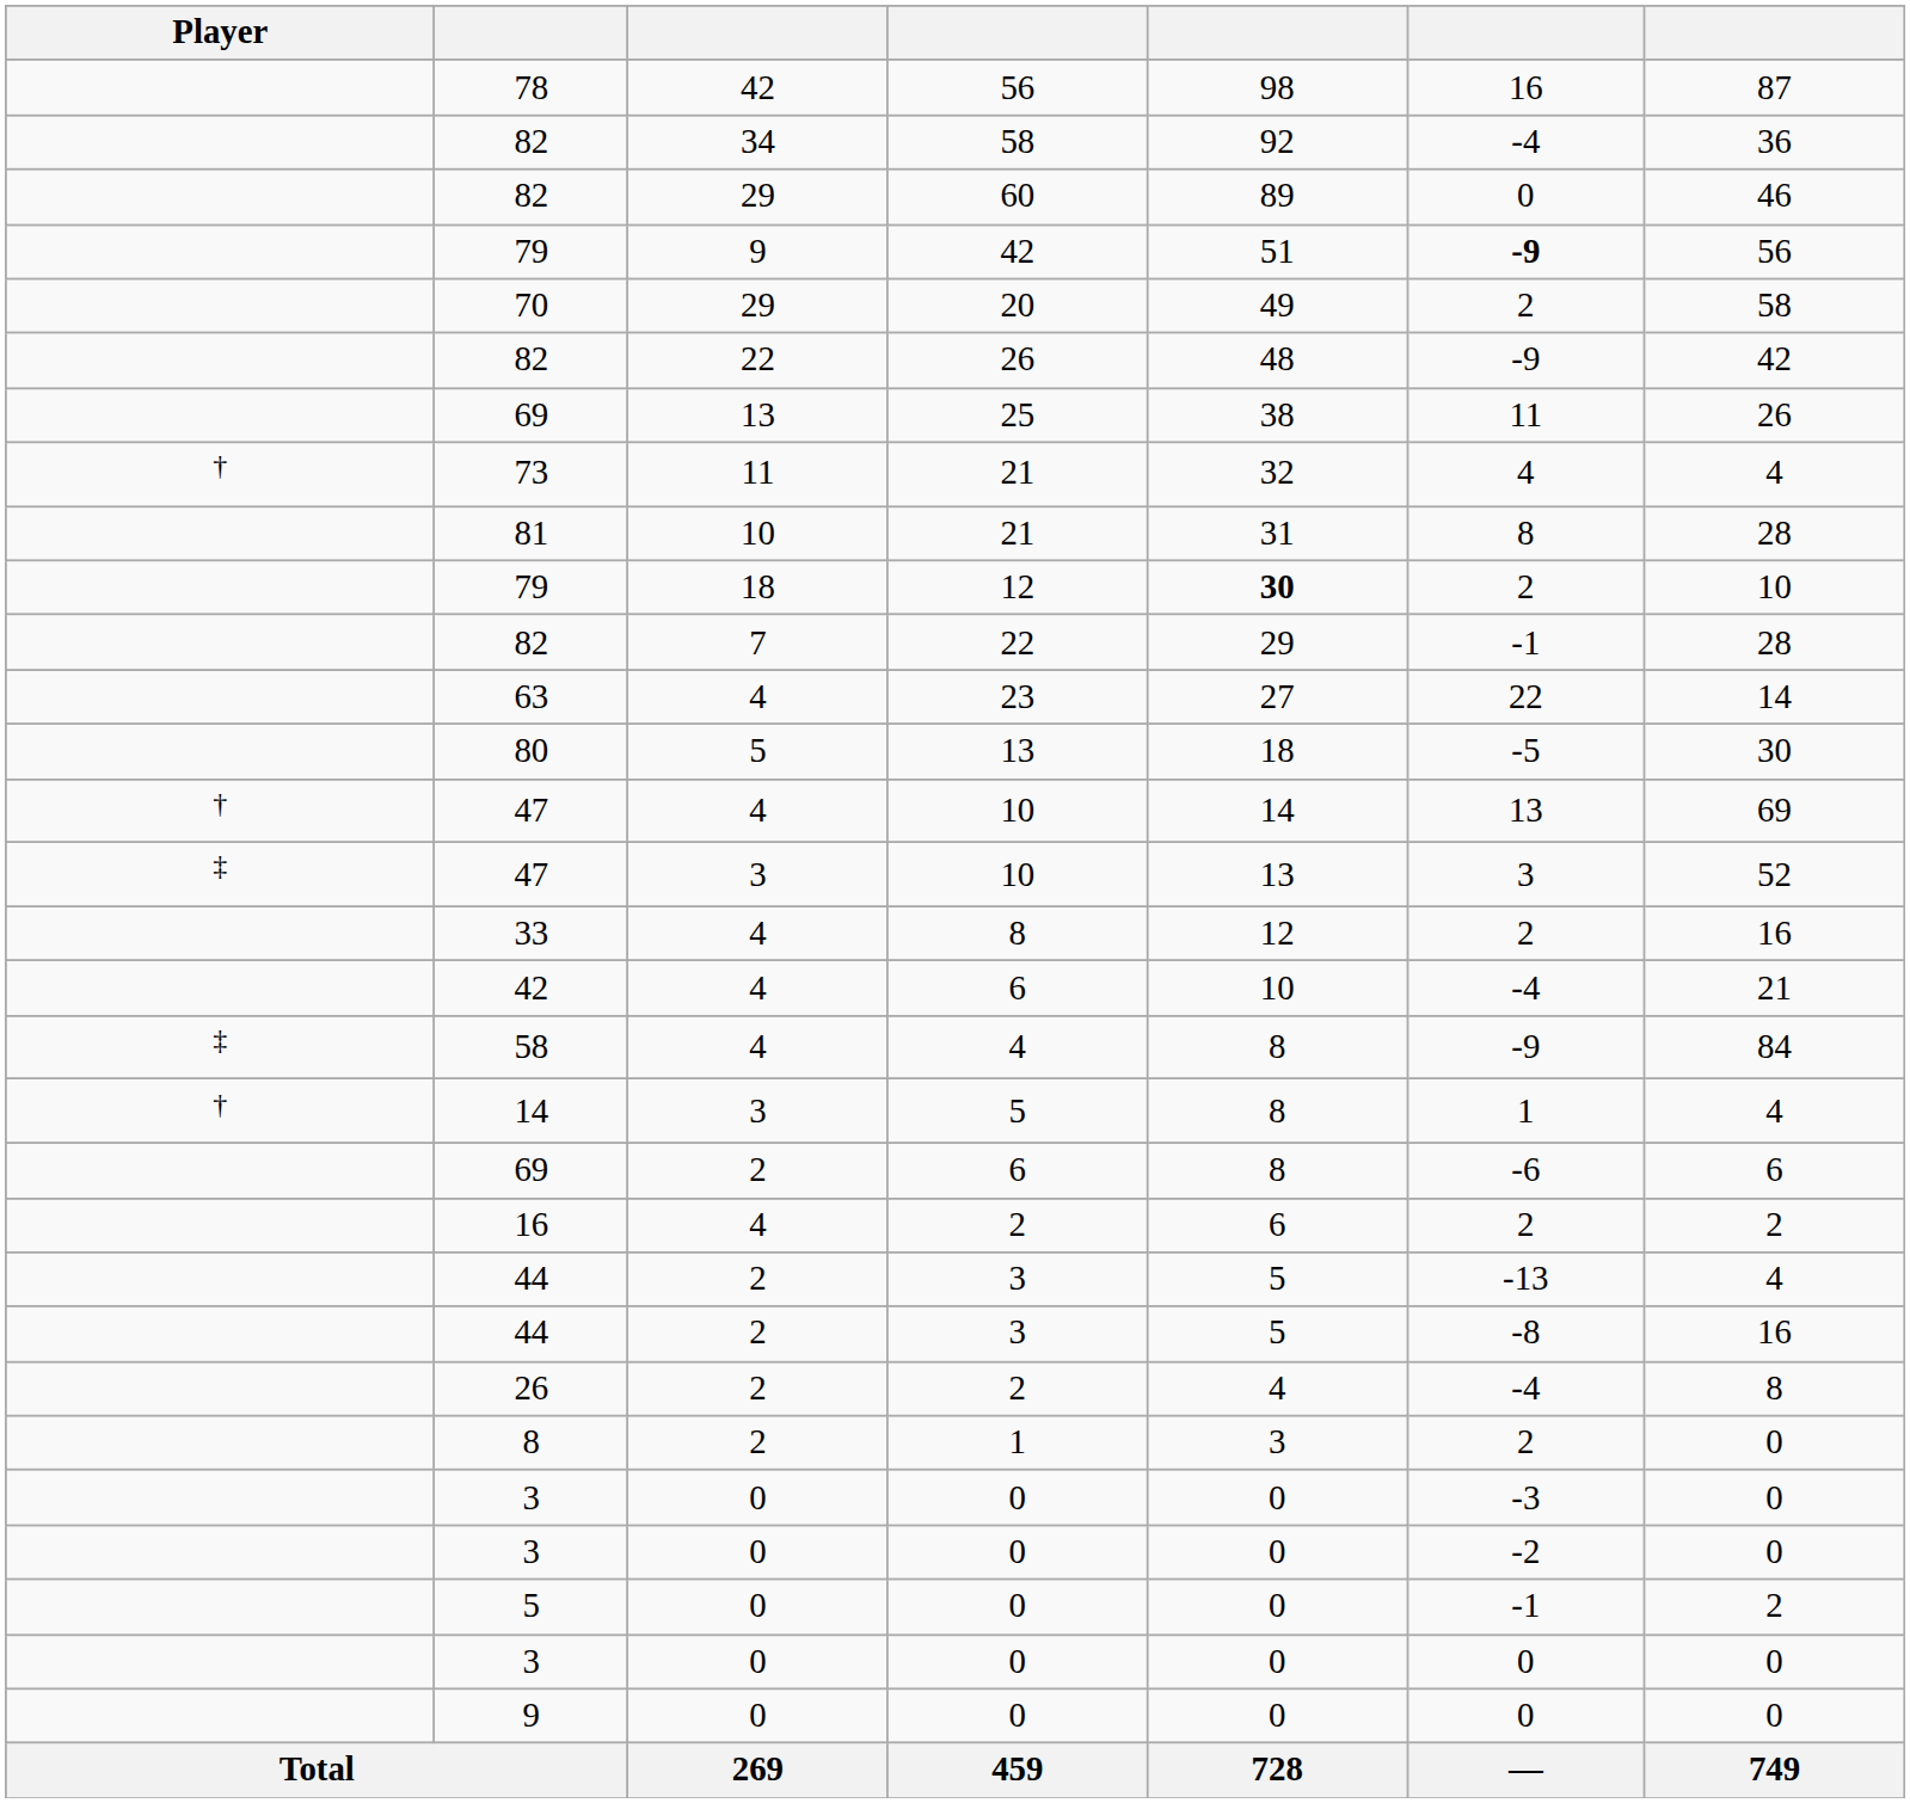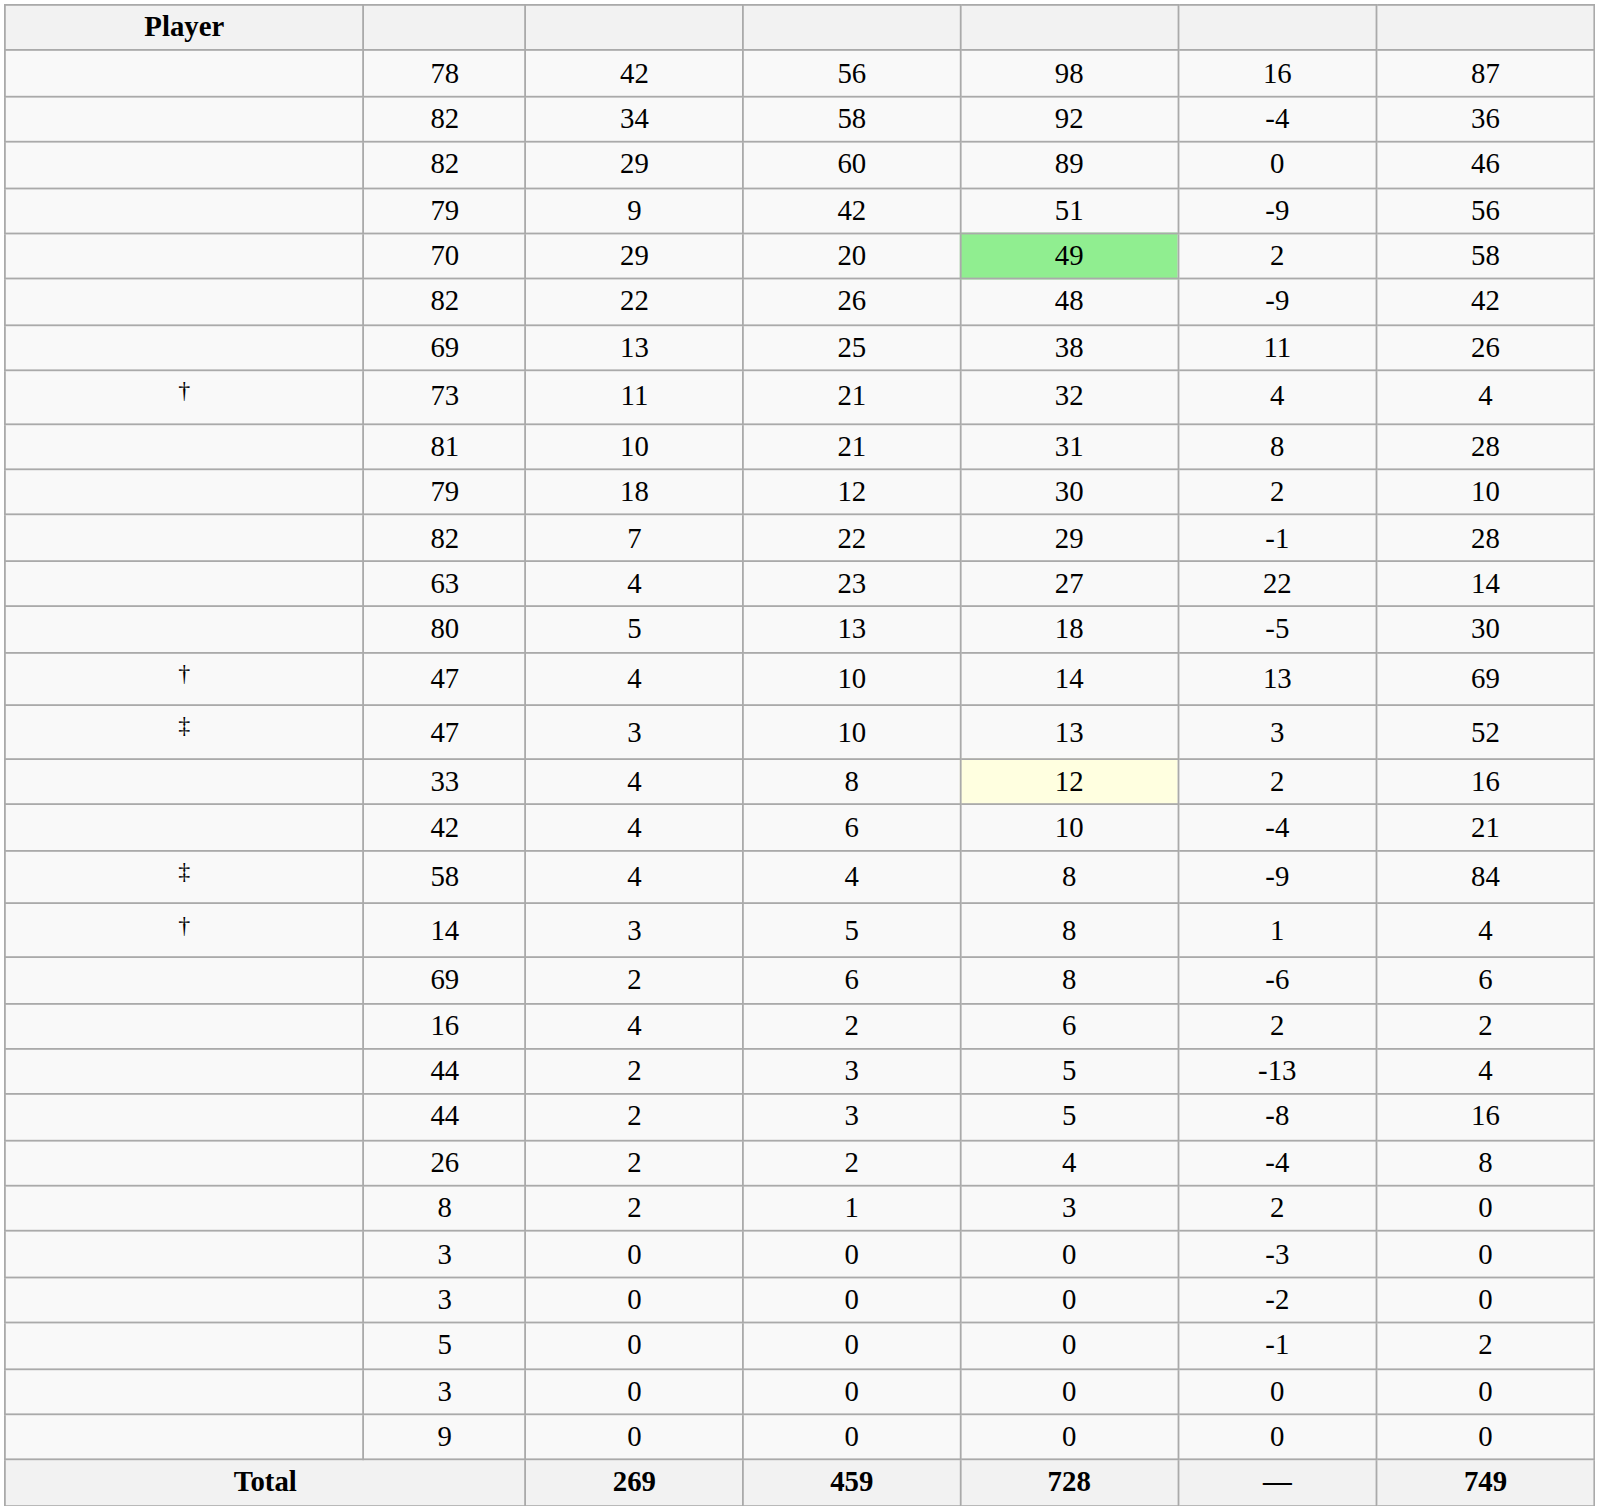 <table class="wikitable sortable" style="width:100%; text-align:center;">
 <tr align=center>
 <th>Player</th>
 <th></th>
 <th></th>
 <th></th>
 <th></th>
 <th data-sort-type="number"></th>
 <th></th>
 </tr>
 <tr>
 <td></td>
 <td>78</td>
 <td>42</td>
 <td>56</td>
 <td>98</td>
 <td>16</td>
 <td>87</td>
 </tr>
 <tr>
 <td></td>
 <td>82</td>
 <td>34</td>
 <td>58</td>
 <td>92</td>
 <td>-4</td>
 <td>36</td>
 </tr>
 <tr>
 <td></td>
 <td>82</td>
 <td>29</td>
 <td>60</td>
 <td>89</td>
 <td>0</td>
 <td>46</td>
 </tr>
 <tr>
 <td></td>
 <td>79</td>
 <td>9</td>
 <td>42</td>
 <td>51</td>
-<td><strong>-9</strong></td>
+<td>-9</td>
 <td>56</td>
 </tr>
 <tr>
 <td></td>
 <td>70</td>
 <td>29</td>
 <td>20</td>
-<td>49</td>
+<td style="background: lightgreen;">49</td>
 <td>2</td>
 <td>58</td>
 </tr>
 <tr>
 <td></td>
 <td>82</td>
 <td>22</td>
 <td>26</td>
 <td>48</td>
 <td>-9</td>
 <td>42</td>
 </tr>
 <tr>
 <td></td>
 <td>69</td>
 <td>13</td>
 <td>25</td>
 <td>38</td>
 <td>11</td>
 <td>26</td>
 </tr>
 <tr>
 <td><sup>†</sup></td>
 <td>73</td>
 <td>11</td>
 <td>21</td>
 <td>32</td>
 <td>4</td>
 <td>4</td>
 </tr>
 <tr>
 <td></td>
 <td>81</td>
 <td>10</td>
 <td>21</td>
 <td>31</td>
 <td>8</td>
 <td>28</td>
 </tr>
 <tr>
 <td></td>
 <td>79</td>
 <td>18</td>
 <td>12</td>
-<td><strong>30</strong></td>
+<td>30</td>
 <td>2</td>
 <td>10</td>
 </tr>
 <tr>
 <td></td>
 <td>82</td>
 <td>7</td>
 <td>22</td>
 <td>29</td>
 <td>-1</td>
 <td>28</td>
 </tr>
 <tr>
 <td></td>
 <td>63</td>
 <td>4</td>
 <td>23</td>
 <td>27</td>
 <td>22</td>
 <td>14</td>
 </tr>
 <tr>
 <td></td>
 <td>80</td>
 <td>5</td>
 <td>13</td>
 <td>18</td>
 <td>-5</td>
 <td>30</td>
 </tr>
 <tr>
 <td><sup>†</sup></td>
 <td>47</td>
 <td>4</td>
 <td>10</td>
 <td>14</td>
 <td>13</td>
 <td>69</td>
 </tr>
 <tr>
 <td><sup>‡</sup></td>
 <td>47</td>
 <td>3</td>
 <td>10</td>
 <td>13</td>
 <td>3</td>
 <td>52</td>
 </tr>
 <tr>
 <td></td>
 <td>33</td>
 <td>4</td>
 <td>8</td>
-<td>12</td>
+<td style="background: lightyellow;">12</td>
 <td>2</td>
 <td>16</td>
 </tr>
 <tr>
 <td></td>
 <td>42</td>
 <td>4</td>
 <td>6</td>
 <td>10</td>
 <td>-4</td>
 <td>21</td>
 </tr>
 <tr>
 <td><sup>‡</sup></td>
 <td>58</td>
 <td>4</td>
 <td>4</td>
 <td>8</td>
 <td>-9</td>
 <td>84</td>
 </tr>
 <tr>
 <td><sup>†</sup></td>
 <td>14</td>
 <td>3</td>
 <td>5</td>
 <td>8</td>
 <td>1</td>
 <td>4</td>
 </tr>
 <tr>
 <td></td>
 <td>69</td>
 <td>2</td>
 <td>6</td>
 <td>8</td>
 <td>-6</td>
 <td>6</td>
 </tr>
 <tr>
 <td></td>
 <td>16</td>
 <td>4</td>
 <td>2</td>
 <td>6</td>
 <td>2</td>
 <td>2</td>
 </tr>
 <tr>
 <td></td>
 <td>44</td>
 <td>2</td>
 <td>3</td>
 <td>5</td>
 <td>-13</td>
 <td>4</td>
 </tr>
 <tr>
 <td></td>
 <td>44</td>
 <td>2</td>
 <td>3</td>
 <td>5</td>
 <td>-8</td>
 <td>16</td>
 </tr>
 <tr>
 <td></td>
 <td>26</td>
 <td>2</td>
 <td>2</td>
 <td>4</td>
 <td>-4</td>
 <td>8</td>
 </tr>
 <tr>
 <td></td>
 <td>8</td>
 <td>2</td>
 <td>1</td>
 <td>3</td>
 <td>2</td>
 <td>0</td>
 </tr>
 <tr>
 <td></td>
 <td>3</td>
 <td>0</td>
 <td>0</td>
 <td>0</td>
 <td>-3</td>
 <td>0</td>
 </tr>
 <tr>
 <td></td>
 <td>3</td>
 <td>0</td>
 <td>0</td>
 <td>0</td>
 <td>-2</td>
 <td>0</td>
 </tr>
 <tr>
 <td></td>
 <td>5</td>
 <td>0</td>
 <td>0</td>
 <td>0</td>
 <td>-1</td>
 <td>2</td>
 </tr>
 <tr>
 <td></td>
 <td>3</td>
 <td>0</td>
 <td>0</td>
 <td>0</td>
 <td>0</td>
 <td>0</td>
 </tr>
 <tr>
 <td></td>
 <td>9</td>
 <td>0</td>
 <td>0</td>
 <td>0</td>
 <td>0</td>
 <td>0</td>
 </tr>
 <tr class="sortbottom">
 <th colspan=2>Total</th>
 <th>269</th>
 <th>459</th>
 <th>728</th>
 <th>—</th>
 <th>749</th>
 </tr>
 </table>
